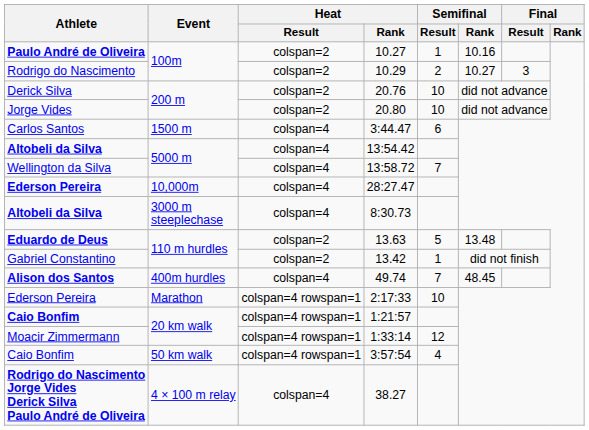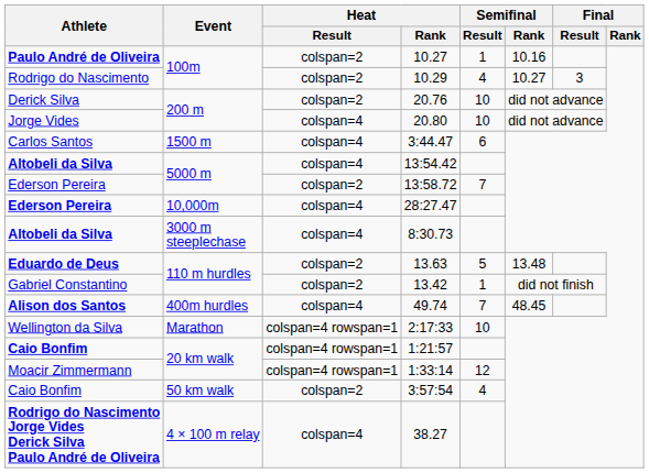 <table class="wikitable" style="font-size:90%">
 <tr>
 <th rowspan="2">Athlete</th>
 <th rowspan="2">Event</th>
 <th colspan="2">Heat</th>
 <th colspan="2">Semifinal</th>
 <th colspan="2">Final</th>
 </tr>
 <tr style="font-size:95%">
 <th>Result</th>
 <th>Rank</th>
 <th>Result</th>
 <th>Rank</th>
 <th>Result</th>
 <th>Rank</th>
 </tr>
 <tr align=center>
 <td align=left><strong><a href='#'>Paulo André de Oliveira</a></strong></td>
 <td align=left rowspan=2><a href='#'>100m</a></td>
 <td>colspan=2 </td>
 <td>10.27</td>
 <td>1</td>
 <td>10.16</td>
 <td></td>
 </tr>
 <tr align=center>
 <td align=left><a href='#'>Rodrigo do Nascimento</a></td>
 <td>colspan=2 </td>
 <td>10.29</td>
-<td>2</td>
+<td>4</td>
 <td>10.27</td>
 <td>3</td>
 </tr>
 <tr align=center>
 <td align=left><a href='#'>Derick Silva</a></td>
 <td align=left rowspan=2><a href='#'>200 m</a></td>
 <td>colspan=2 </td>
 <td>20.76</td>
 <td>10</td>
 <td colspan=2>did not advance</td>
 </tr>
 <tr align=center>
 <td align=left><a href='#'>Jorge Vides</a></td>
-<td>colspan=2 </td>
+<td>colspan=4 </td>
 <td>20.80</td>
 <td>10</td>
 <td colspan=2>did not advance</td>
 </tr>
 <tr align=center>
 <td align=left><a href='#'>Carlos Santos</a></td>
 <td align=left rowspan=1><a href='#'>1500 m</a></td>
 <td>colspan=4 </td>
 <td>3:44.47</td>
 <td>6</td>
 </tr>
 <tr align=center>
 <td align=left><strong><a href='#'>Altobeli da Silva</a></strong></td>
 <td align=left rowspan=2><a href='#'>5000 m</a></td>
 <td>colspan=4 </td>
 <td>13:54.42</td>
 <td></td>
 </tr>
 <tr align=center>
-<td align=left><a href='#'>Wellington da Silva</a></td>
-<td>colspan=4 </td>
+<td align=left><a href='#'>Ederson Pereira</a></td>
+<td>colspan=2 </td>
 <td>13:58.72</td>
 <td>7</td>
 </tr>
 <tr align=center>
 <td align=left><strong><a href='#'>Ederson Pereira</a></strong></td>
 <td align=left rowspan=1><a href='#'>10,000m</a></td>
 <td>colspan=4 </td>
 <td>28:27.47</td>
 <td></td>
 </tr>
 <tr align=center>
 <td align=left><strong><a href='#'>Altobeli da Silva</a></strong></td>
 <td align=left><a href='#'>3000 m<br>steeplechase</a></td>
 <td>colspan=4 </td>
 <td>8:30.73</td>
 <td></td>
 </tr>
 <tr align=center>
 <td align=left><strong><a href='#'>Eduardo de Deus</a></strong></td>
 <td align=left rowspan=2><a href='#'>110 m hurdles</a></td>
 <td>colspan=2 </td>
 <td>13.63</td>
 <td>5</td>
 <td>13.48</td>
 <td></td>
 </tr>
 <tr align=center>
 <td align=left><a href='#'>Gabriel Constantino</a></td>
 <td>colspan=2 </td>
 <td>13.42</td>
 <td>1</td>
 <td colspan=2>did not finish</td>
 </tr>
 <tr align=center>
 <td align=left><strong><a href='#'>Alison dos Santos</a></strong></td>
 <td align=left rowspan=1><a href='#'>400m hurdles</a></td>
 <td>colspan=4 </td>
 <td>49.74</td>
 <td>7</td>
 <td>48.45</td>
 <td></td>
 </tr>
 <tr align=center>
-<td align=left><a href='#'>Ederson Pereira</a></td>
+<td align=left><a href='#'>Wellington da Silva</a></td>
 <td align=left rowspan=1><a href='#'>Marathon</a></td>
 <td>colspan=4 rowspan=1 </td>
 <td>2:17:33</td>
 <td>10</td>
 </tr>
 <tr align=center>
 <td align=left><strong><a href='#'>Caio Bonfim</a></strong></td>
 <td align=left rowspan=2><a href='#'>20 km walk</a></td>
 <td>colspan=4 rowspan=1 </td>
 <td>1:21:57</td>
 <td></td>
 </tr>
 <tr align=center>
 <td align=left><a href='#'>Moacir Zimmermann</a></td>
 <td>colspan=4 rowspan=1 </td>
 <td>1:33:14</td>
 <td>12</td>
 </tr>
 <tr align=center>
 <td align=left><a href='#'>Caio Bonfim</a></td>
 <td align=left rowspan=1><a href='#'>50 km walk</a></td>
-<td>colspan=4 rowspan=1 </td>
+<td>colspan=2 </td>
 <td>3:57:54</td>
 <td>4</td>
 </tr>
 <tr align=center>
 <td align=left><strong><a href='#'>Rodrigo do Nascimento</a></strong><br><strong><a href='#'>Jorge Vides</a></strong><br><strong><a href='#'>Derick Silva</a></strong><br><strong><a href='#'>Paulo André de Oliveira</a></strong></td>
 <td align=left><a href='#'>4 × 100 m relay</a></td>
 <td>colspan=4 </td>
 <td>38.27</td>
 <td></td>
 </tr>
 </table>
